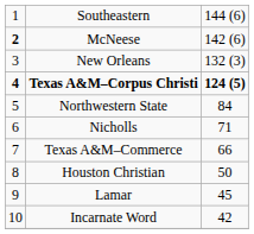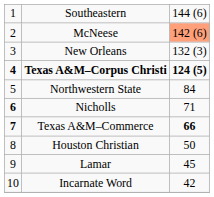 <table class="wikitable">
 <tr align="center">
 <td>1</td>
 <td>Southeastern</td>
 <td>144 (6)</td>
 </tr>
 <tr align="center">
-<td><strong>2</strong></td>
+<td>2</td>
 <td>McNeese</td>
-<td>142 (6)</td>
+<td style="background: lightsalmon;">142 (6)</td>
 </tr>
 <tr align="center">
 <td>3</td>
 <td>New Orleans</td>
 <td>132 (3)</td>
 </tr>
 <tr align="center">
 <td><strong>4</strong></td>
 <td><strong>Texas A&M–Corpus Christi</strong></td>
 <td><strong>124 (5)</strong></td>
 </tr>
 <tr align="center">
 <td>5</td>
 <td>Northwestern State</td>
 <td>84</td>
 </tr>
 <tr align="center">
-<td>6</td>
+<td><strong>6</strong></td>
 <td>Nicholls</td>
 <td>71</td>
 </tr>
 <tr align="center">
-<td>7</td>
+<td><strong>7</strong></td>
 <td>Texas A&M–Commerce</td>
-<td>66</td>
+<td><strong>66</strong></td>
 </tr>
 <tr align="center">
 <td>8</td>
 <td>Houston Christian</td>
 <td>50</td>
 </tr>
 <tr align="center">
 <td>9</td>
 <td>Lamar</td>
 <td>45</td>
 </tr>
 <tr align="center">
 <td>10</td>
 <td>Incarnate Word</td>
 <td>42</td>
 </tr>
 <tr align="center">
 </tr>
 </table>
